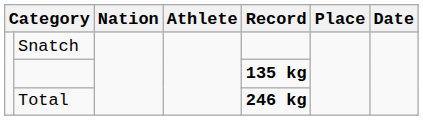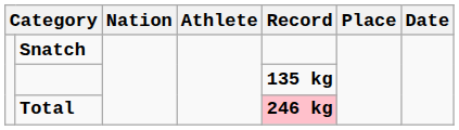 <table class="wikitable" style="text-align:center;">
 <tr>
 <th colspan="2">Category</th>
 <th>Nation</th>
 <th>Athlete</th>
 <th>Record</th>
 <th>Place</th>
 <th>Date</th>
 </tr>
 <tr>
 <td rowspan="3"><strong></strong></td>
-<td align="left">Snatch</td>
+<td align="left"><strong>Snatch</strong></td>
 <td align="left" rowspan="3"></td>
 <td align="left" rowspan="3"></td>
 <td><strong></strong></td>
 <td align="left" rowspan="3"></td>
 <td align="left" rowspan="3"></td>
 </tr>
 <tr>
 <td align="left"></td>
 <td><strong>135 kg</strong></td>
 </tr>
 <tr>
-<td align="left">Total</td>
-<td><strong>246 kg</strong></td>
+<td align="left"><strong>Total</strong></td>
+<td style="background: pink;"><strong>246 kg</strong></td>
 </tr>
 </table>
